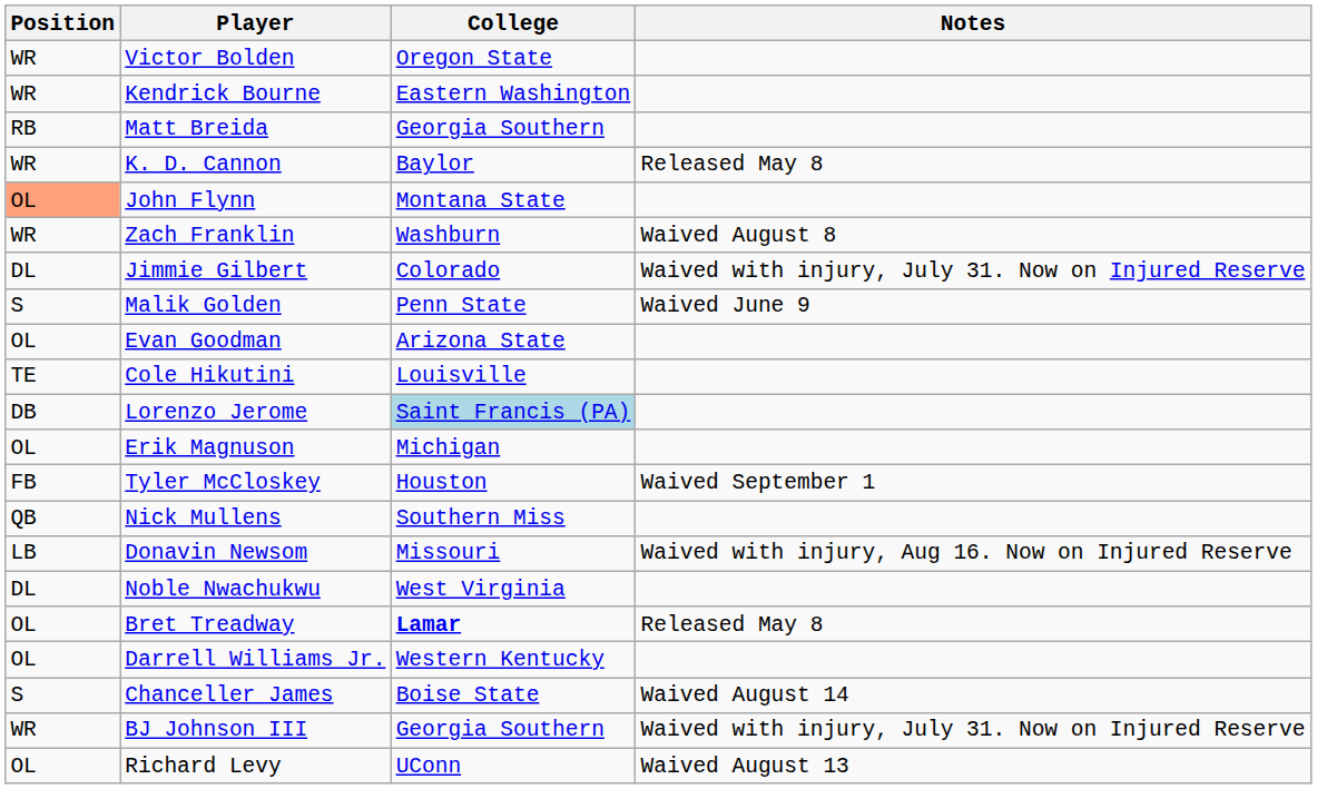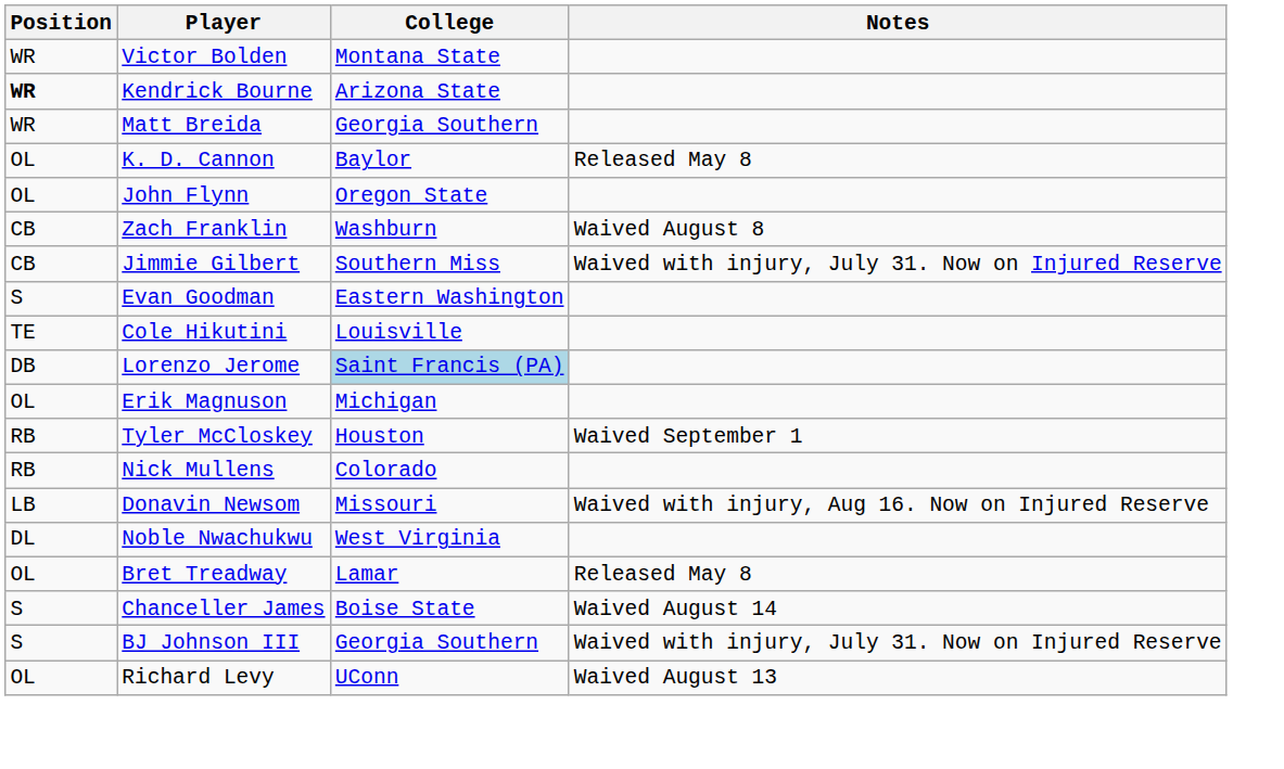 <table class="wikitable sortable">
 <tr>
 <th>Position</th>
 <th>Player</th>
 <th>College</th>
 <th>Notes</th>
 </tr>
 <tr>
 <td>WR</td>
 <td><a href='#'>Victor Bolden</a></td>
-<td><a href='#'>Oregon State</a></td>
+<td><a href='#'>Montana State</a></td>
+<td></td>
+</tr>
+<tr>
+<td><strong>WR</strong></td>
+<td><a href='#'>Kendrick Bourne</a></td>
+<td><a href='#'>Arizona State</a></td>
 <td></td>
 </tr>
 <tr>
 <td>WR</td>
-<td><a href='#'>Kendrick Bourne</a></td>
-<td><a href='#'>Eastern Washington</a></td>
-<td></td>
-</tr>
-<tr>
-<td>RB</td>
 <td><a href='#'>Matt Breida</a></td>
 <td><a href='#'>Georgia Southern</a></td>
 <td></td>
 </tr>
 <tr>
-<td>WR</td>
+<td>OL</td>
 <td><a href='#'>K. D. Cannon</a></td>
 <td><a href='#'>Baylor</a></td>
 <td>Released May 8</td>
 </tr>
 <tr>
-<td style="background: lightsalmon;">OL</td>
+<td>OL</td>
 <td><a href='#'>John Flynn</a></td>
-<td><a href='#'>Montana State</a></td>
+<td><a href='#'>Oregon State</a></td>
 <td></td>
 </tr>
 <tr>
-<td>WR</td>
+<td>CB</td>
 <td><a href='#'>Zach Franklin</a></td>
 <td><a href='#'>Washburn</a></td>
 <td>Waived August 8</td>
 </tr>
 <tr>
-<td>DL</td>
+<td>CB</td>
 <td><a href='#'>Jimmie Gilbert</a></td>
-<td><a href='#'>Colorado</a></td>
+<td><a href='#'>Southern Miss</a></td>
 <td>Waived with injury, July 31. Now on <a href='#'>Injured Reserve</a></td>
 </tr>
 <tr>
 <td>S</td>
-<td><a href='#'>Malik Golden</a></td>
-<td><a href='#'>Penn State</a></td>
-<td>Waived June 9</td>
-</tr>
-<tr>
-<td>OL</td>
 <td><a href='#'>Evan Goodman</a></td>
-<td><a href='#'>Arizona State</a></td>
+<td><a href='#'>Eastern Washington</a></td>
 <td></td>
 </tr>
 <tr>
 <td>TE</td>
 <td><a href='#'>Cole Hikutini</a></td>
 <td><a href='#'>Louisville</a></td>
 <td></td>
 </tr>
 <tr>
 <td>DB</td>
 <td><a href='#'>Lorenzo Jerome</a></td>
 <td style="background: lightblue;"><a href='#'>Saint Francis (PA)</a></td>
 <td></td>
 </tr>
 <tr>
 <td>OL</td>
 <td><a href='#'>Erik Magnuson</a></td>
 <td><a href='#'>Michigan</a></td>
 <td></td>
 </tr>
 <tr>
-<td>FB</td>
+<td>RB</td>
 <td><a href='#'>Tyler McCloskey</a></td>
 <td><a href='#'>Houston</a></td>
 <td>Waived September 1</td>
 </tr>
 <tr>
-<td>QB</td>
+<td>RB</td>
 <td><a href='#'>Nick Mullens</a></td>
-<td><a href='#'>Southern Miss</a></td>
+<td><a href='#'>Colorado</a></td>
 <td></td>
 </tr>
 <tr>
 <td>LB</td>
 <td><a href='#'>Donavin Newsom</a></td>
 <td><a href='#'>Missouri</a></td>
 <td>Waived with injury, Aug 16. Now on Injured Reserve</td>
 </tr>
 <tr>
 <td>DL</td>
 <td><a href='#'>Noble Nwachukwu</a></td>
 <td><a href='#'>West Virginia</a></td>
 <td></td>
 </tr>
 <tr>
 <td>OL</td>
 <td><a href='#'>Bret Treadway</a></td>
-<td><strong><a href='#'>Lamar</a></strong></td>
+<td><a href='#'>Lamar</a></td>
 <td>Released May 8</td>
-</tr>
-<tr>
-<td>OL</td>
-<td><a href='#'>Darrell Williams Jr.</a></td>
-<td><a href='#'>Western Kentucky</a></td>
-<td></td>
 </tr>
 <tr>
 <td>S</td>
 <td><a href='#'>Chanceller James</a></td>
 <td><a href='#'>Boise State</a></td>
 <td>Waived August 14</td>
 </tr>
 <tr>
-<td>WR</td>
+<td>S</td>
 <td><a href='#'>BJ Johnson III</a></td>
 <td><a href='#'>Georgia Southern</a></td>
 <td>Waived with injury, July 31. Now on Injured Reserve</td>
 </tr>
 <tr>
 <td>OL</td>
 <td>Richard Levy</td>
 <td><a href='#'>UConn</a></td>
 <td>Waived August 13</td>
 </tr>
 </table>
